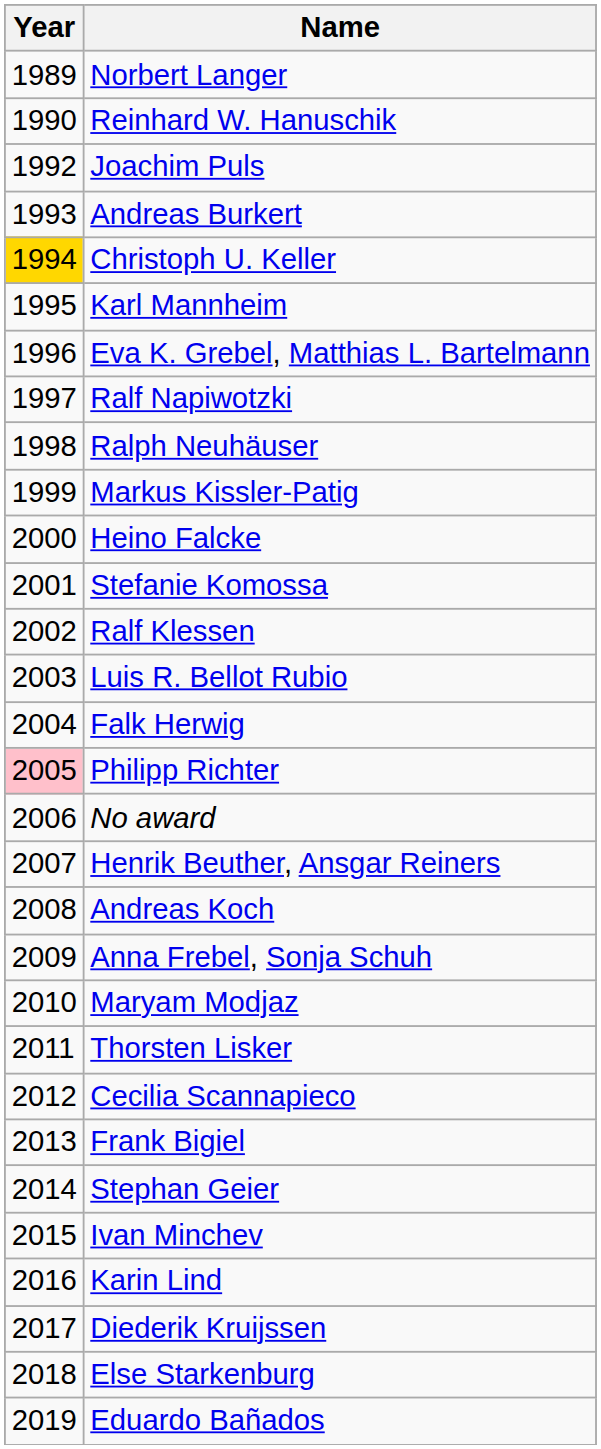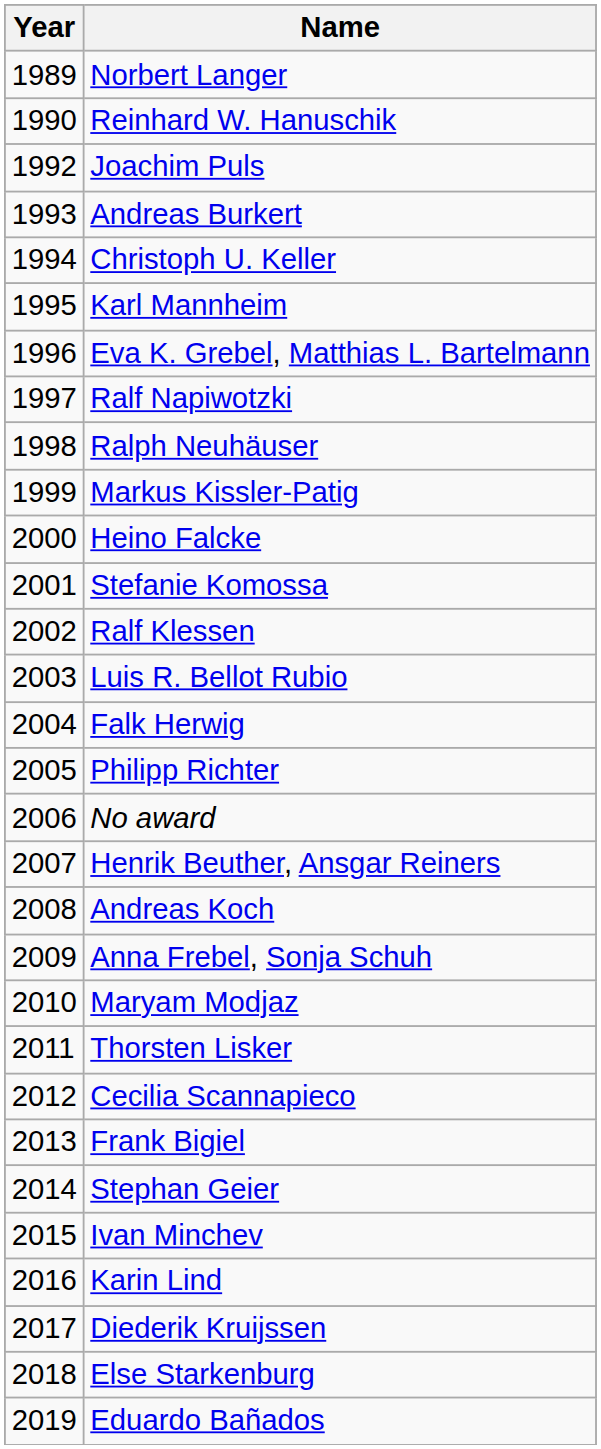 <table class="wikitable" align=center>
 <tr>
 <th>Year</th>
 <th>Name</th>
 </tr>
 <tr>
 <td>1989</td>
 <td><a href='#'>Norbert Langer</a></td>
 </tr>
 <tr>
 <td>1990</td>
 <td><a href='#'>Reinhard W. Hanuschik</a></td>
 </tr>
 <tr>
 <td>1992</td>
 <td><a href='#'>Joachim Puls</a></td>
 </tr>
 <tr>
 <td>1993</td>
 <td><a href='#'>Andreas Burkert</a></td>
 </tr>
 <tr>
-<td style="background: gold;">1994</td>
+<td>1994</td>
 <td><a href='#'>Christoph U. Keller</a></td>
 </tr>
 <tr>
 <td>1995</td>
 <td><a href='#'>Karl Mannheim</a></td>
 </tr>
 <tr>
 <td>1996</td>
 <td><a href='#'>Eva K. Grebel</a>, <a href='#'>Matthias L. Bartelmann</a></td>
 </tr>
 <tr>
 <td>1997</td>
 <td><a href='#'>Ralf Napiwotzki</a></td>
 </tr>
 <tr>
 <td>1998</td>
 <td><a href='#'>Ralph Neuhäuser</a></td>
 </tr>
 <tr>
 <td>1999</td>
 <td><a href='#'>Markus Kissler-Patig</a></td>
 </tr>
 <tr>
 <td>2000</td>
 <td><a href='#'>Heino Falcke</a></td>
 </tr>
 <tr>
 <td>2001</td>
 <td><a href='#'>Stefanie Komossa</a></td>
 </tr>
 <tr>
 <td>2002</td>
 <td><a href='#'>Ralf Klessen</a></td>
 </tr>
 <tr>
 <td>2003</td>
 <td><a href='#'>Luis R. Bellot Rubio</a></td>
 </tr>
 <tr>
 <td>2004</td>
 <td><a href='#'>Falk Herwig</a></td>
 </tr>
 <tr>
-<td style="background: pink;">2005</td>
+<td>2005</td>
 <td><a href='#'>Philipp Richter</a></td>
 </tr>
 <tr>
 <td>2006</td>
 <td><em>No award</em></td>
 </tr>
 <tr>
 <td>2007</td>
 <td><a href='#'>Henrik Beuther</a>, <a href='#'>Ansgar Reiners</a></td>
 </tr>
 <tr>
 <td>2008</td>
 <td><a href='#'>Andreas Koch</a></td>
 </tr>
 <tr>
 <td>2009</td>
 <td><a href='#'>Anna Frebel</a>, <a href='#'>Sonja Schuh</a></td>
 </tr>
 <tr>
 <td>2010</td>
 <td><a href='#'>Maryam Modjaz</a></td>
 </tr>
 <tr>
 <td>2011</td>
 <td><a href='#'>Thorsten Lisker</a></td>
 </tr>
 <tr>
 <td>2012</td>
 <td><a href='#'>Cecilia Scannapieco</a></td>
 </tr>
 <tr>
 <td>2013</td>
 <td><a href='#'>Frank Bigiel</a></td>
 </tr>
 <tr>
 <td>2014</td>
 <td><a href='#'>Stephan Geier</a></td>
 </tr>
 <tr>
 <td>2015</td>
 <td><a href='#'>Ivan Minchev</a></td>
 </tr>
 <tr>
 <td>2016</td>
 <td><a href='#'>Karin Lind</a></td>
 </tr>
 <tr>
 <td>2017</td>
 <td><a href='#'>Diederik Kruijssen</a></td>
 </tr>
 <tr>
 <td>2018</td>
 <td><a href='#'>Else Starkenburg </a></td>
 </tr>
 <tr>
 <td>2019</td>
 <td><a href='#'>Eduardo Bañados</a></td>
 </tr>
 <tr>
 </tr>
 </table>
